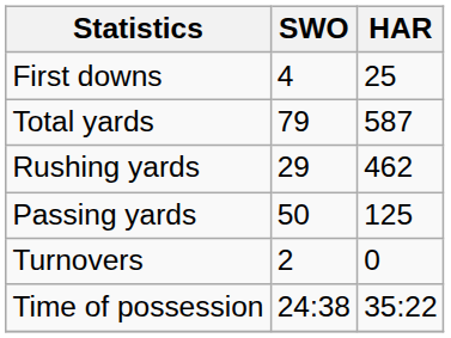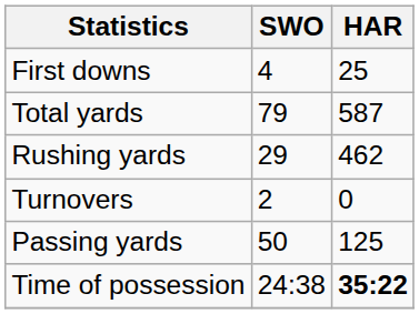 <table class="wikitable" style="float: left;">
 <tr>
 <th>Statistics</th>
 <th>SWO</th>
 <th>HAR</th>
 </tr>
 <tr>
 <td>First downs</td>
 <td>4</td>
 <td>25</td>
 </tr>
 <tr>
 <td>Total yards</td>
 <td>79</td>
 <td>587</td>
 </tr>
 <tr>
 <td>Rushing yards</td>
 <td>29</td>
 <td>462</td>
 </tr>
 <tr>
+<td>Turnovers</td>
+<td>2</td>
+<td>0</td>
+</tr>
+<tr>
 <td>Passing yards</td>
 <td>50</td>
 <td>125</td>
 </tr>
 <tr>
-<td>Turnovers</td>
-<td>2</td>
-<td>0</td>
-</tr>
-<tr>
 <td>Time of possession</td>
 <td>24:38</td>
-<td>35:22</td>
+<td><strong>35:22</strong></td>
 </tr>
 <tr>
 </tr>
 </table>
